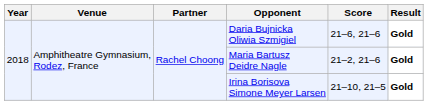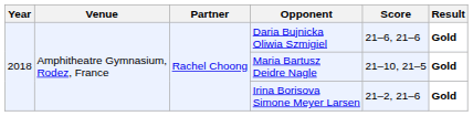 <table class="sortable wikitable" style="font-size: 90%;">
 <tr>
 <th>Year</th>
 <th>Venue</th>
 <th>Partner</th>
 <th>Opponent</th>
 <th>Score</th>
 <th>Result</th>
 </tr>
 <tr style="background:#ECF2FF">
 <td rowspan="3" align="center">2018</td>
 <td rowspan="3" align="left">Amphitheatre Gymnasium,<br><a href='#'>Rodez</a>, France</td>
 <td rowspan="3"> <a href='#'>Rachel Choong</a></td>
 <td align="left"> <a href='#'>Daria Bujnicka</a><br> <a href='#'>Oliwia Szmigiel</a></td>
 <td align="left">21–6, 21–6</td>
 <td style="text-align:left; background:white"> <strong>Gold</strong></td>
 </tr>
 <tr style="background:#ECF2FF">
 <td align="left"> <a href='#'>Maria Bartusz</a><br> <a href='#'>Deidre Nagle</a></td>
-<td align="left">21–2, 21–6</td>
+<td align="left">21–10, 21–5</td>
 <td style="text-align:left; background:white"> <strong>Gold</strong></td>
 </tr>
 <tr style="background:#ECF2FF">
 <td align="left"> <a href='#'>Irina Borisova</a><br> <a href='#'>Simone Meyer Larsen</a></td>
-<td align="left">21–10, 21–5</td>
+<td align="left">21–2, 21–6</td>
 <td style="text-align:left; background:white"> <strong>Gold</strong></td>
 </tr>
 </table>
